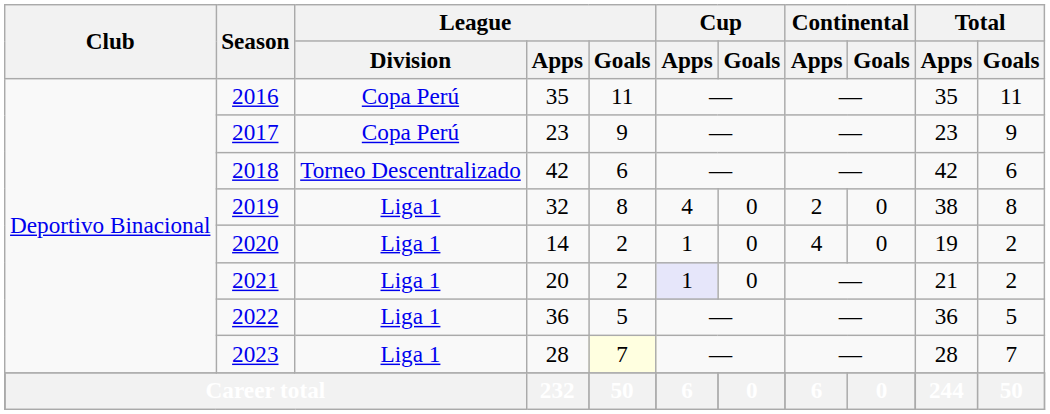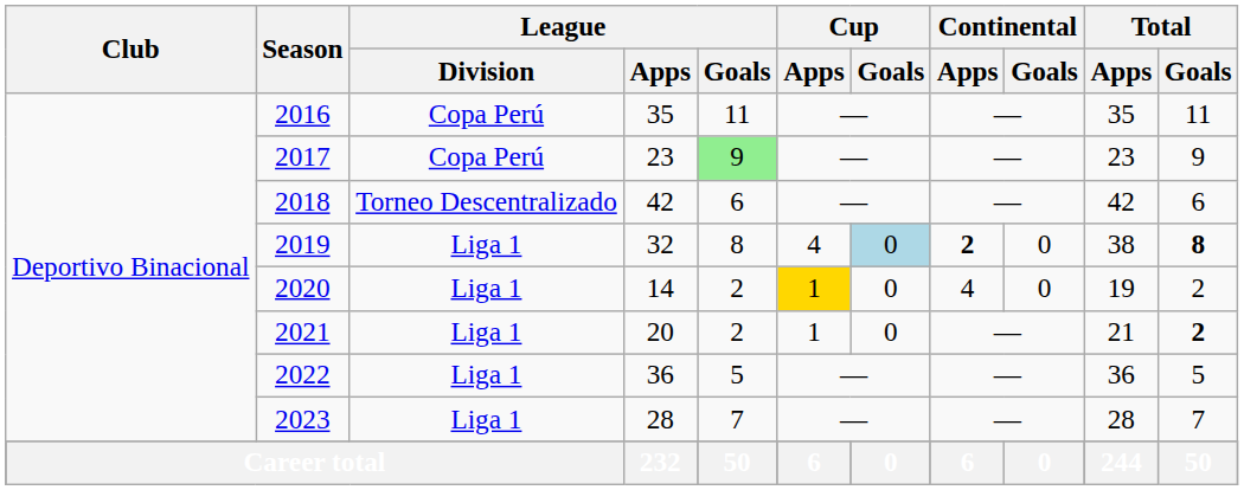 <table class="wikitable" style="text-align: center">
 <tr>
 <th rowspan="2">Club</th>
 <th rowspan="2">Season</th>
 <th colspan="3">League</th>
 <th colspan="2">Cup</th>
 <th colspan="2">Continental</th>
 <th colspan="2">Total</th>
 </tr>
 <tr>
 <th>Division</th>
 <th>Apps</th>
 <th>Goals</th>
 <th>Apps</th>
 <th>Goals</th>
 <th>Apps</th>
 <th>Goals</th>
 <th>Apps</th>
 <th>Goals</th>
 </tr>
 <tr style="text-align: center;">
 <td rowspan="8" align="center" valign="center"><a href='#'>Deportivo Binacional</a></td>
 <td><a href='#'>2016</a></td>
 <td><a href='#'>Copa Perú</a></td>
 <td>35</td>
 <td>11</td>
 <td colspan="2">—</td>
 <td colspan="2">—</td>
 <td>35</td>
 <td>11</td>
 </tr>
 <tr style="text-align: center;">
 <td><a href='#'>2017</a></td>
 <td><a href='#'>Copa Perú</a></td>
 <td>23</td>
-<td>9</td>
+<td style="background: lightgreen;">9</td>
 <td colspan="2">—</td>
 <td colspan="2">—</td>
 <td>23</td>
 <td>9</td>
 </tr>
 <tr style="text-align: center;">
 <td><a href='#'>2018</a></td>
 <td><a href='#'>Torneo Descentralizado</a></td>
 <td>42</td>
 <td>6</td>
 <td colspan="2">—</td>
 <td colspan="2">—</td>
 <td>42</td>
 <td>6</td>
 </tr>
 <tr style="text-align: center;">
 <td><a href='#'>2019</a></td>
 <td><a href='#'>Liga 1</a></td>
 <td>32</td>
 <td>8</td>
 <td>4</td>
-<td>0</td>
-<td>2</td>
+<td style="background: lightblue;">0</td>
+<td><strong>2</strong></td>
 <td>0</td>
 <td>38</td>
-<td>8</td>
+<td><strong>8</strong></td>
 </tr>
 <tr style="text-align: center;">
 <td><a href='#'>2020</a></td>
 <td><a href='#'>Liga 1</a></td>
 <td>14</td>
 <td>2</td>
-<td>1</td>
+<td style="background: gold;">1</td>
 <td>0</td>
 <td>4</td>
 <td>0</td>
 <td>19</td>
 <td>2</td>
 </tr>
 <tr style="text-align: center;">
 <td><a href='#'>2021</a></td>
 <td><a href='#'>Liga 1</a></td>
 <td>20</td>
 <td>2</td>
-<td style="background: lavender;">1</td>
+<td>1</td>
 <td>0</td>
 <td colspan="2">—</td>
 <td>21</td>
-<td>2</td>
+<td><strong>2</strong></td>
 </tr>
 <tr>
 <td><a href='#'>2022</a></td>
 <td><a href='#'>Liga 1</a></td>
 <td>36</td>
 <td>5</td>
 <td colspan="2">—</td>
 <td colspan="2">—</td>
 <td>36</td>
 <td>5</td>
 </tr>
 <tr>
 <td><a href='#'>2023</a></td>
 <td><a href='#'>Liga 1</a></td>
 <td>28</td>
-<td style="background: lightyellow;">7</td>
+<td>7</td>
 <td colspan="2">—</td>
 <td colspan="2">—</td>
 <td>28</td>
 <td>7</td>
 </tr>
 <tr align="center" bgcolor="000000" style="color: white;">
 <th colspan="3">Career total</th>
 <th>232</th>
 <th>50</th>
 <th>6</th>
 <th>0</th>
 <th>6</th>
 <th>0</th>
 <th>244</th>
 <th>50</th>
 </tr>
 </table>
